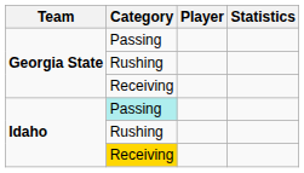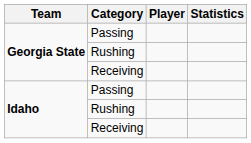 <table class="wikitable" style="float: right;">
 <tr>
 <th>Team</th>
 <th>Category</th>
 <th>Player</th>
 <th>Statistics</th>
 </tr>
 <tr>
 <td rowspan=3><strong>Georgia State</strong></td>
 <td>Passing</td>
 <td></td>
 <td></td>
 </tr>
 <tr>
 <td>Rushing</td>
 <td></td>
 <td></td>
 </tr>
 <tr>
 <td>Receiving</td>
 <td></td>
 <td></td>
 </tr>
 <tr>
 <td rowspan=3><strong>Idaho</strong></td>
-<td style="background: paleturquoise;">Passing</td>
+<td>Passing</td>
 <td></td>
 <td></td>
 </tr>
 <tr>
 <td>Rushing</td>
 <td></td>
 <td></td>
 </tr>
 <tr>
-<td style="background: gold;">Receiving</td>
+<td>Receiving</td>
 <td></td>
 <td></td>
 </tr>
 </table>
